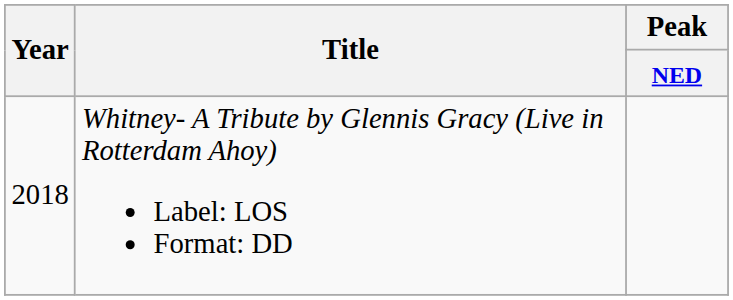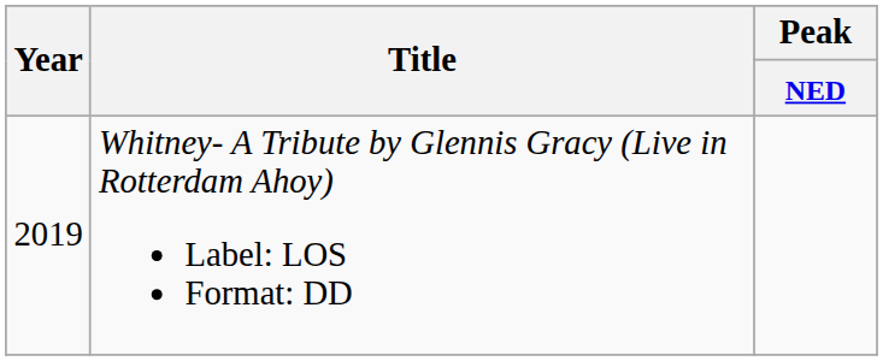 <table class="wikitable">
 <tr>
 <th align="center" rowspan="2" width="10">Year</th>
 <th align="center" rowspan="2" width="300">Title</th>
 <th align="center" colspan="1" width="50">Peak</th>
 </tr>
 <tr>
 <th width="50"><small><a href='#'>NED</a></small></th>
 </tr>
 <tr>
-<td align="center">2018</td>
+<td align="center">2019</td>
 <td><em>Whitney- A Tribute by Glennis Gracy (Live in Rotterdam Ahoy)</em><br><ul><li>Label: LOS</li><li>Format: DD</li></ul></td>
 <td align="center"></td>
 </tr>
 </table>
